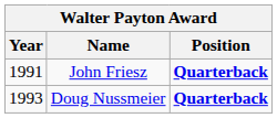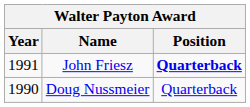 <table class="wikitable">
 <tr align="center">
 <th colspan=5>Walter Payton Award</th>
 </tr>
 <tr>
 <th>Year</th>
 <th>Name</th>
 <th>Position</th>
 </tr>
 <tr align="center" bgcolor="">
 <td>1991</td>
 <td><a href='#'>John Friesz</a></td>
 <td><strong><a href='#'>Quarterback</a></strong></td>
 </tr>
 <tr align="center" bgcolor="">
-<td>1993</td>
+<td>1990</td>
 <td><a href='#'>Doug Nussmeier</a></td>
-<td><strong><a href='#'>Quarterback</a></strong></td>
+<td><a href='#'>Quarterback</a></td>
 </tr>
 </table>
